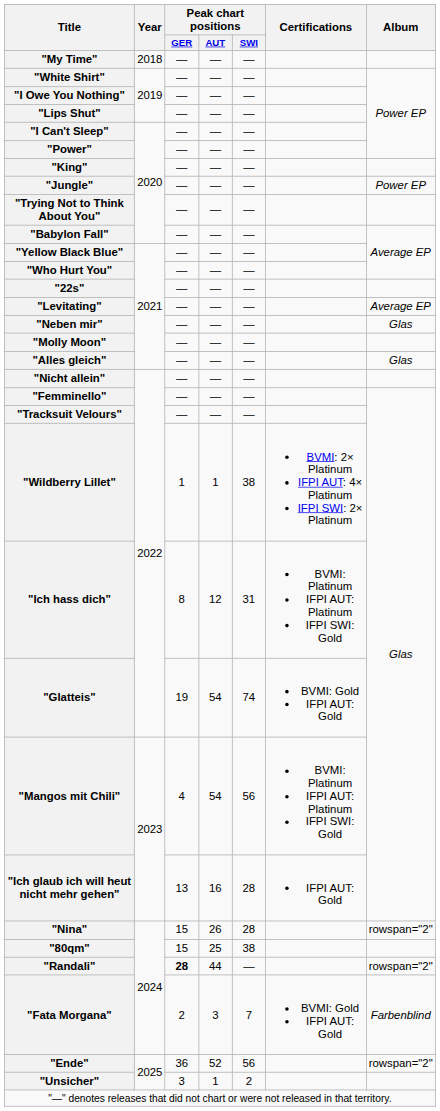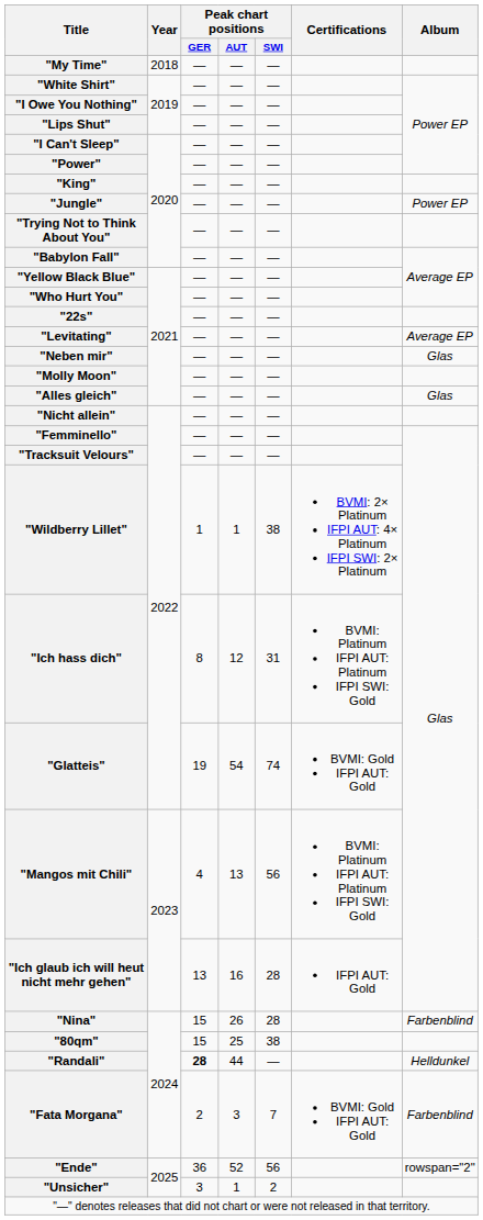 <table class="wikitable plainrowheaders" style="text-align:center;">
 <tr>
 <th scope="col" rowspan="2">Title</th>
 <th scope="col" rowspan="2">Year</th>
 <th scope="col" colspan="3">Peak chart positions</th>
 <th scope="col" rowspan="2">Certifications</th>
 <th scope="col" rowspan="2">Album</th>
 </tr>
 <tr>
 <th scope="col" style="width:3em;font-size:85%;"><a href='#'>GER</a><br></th>
 <th scope="col" style="width:3em;font-size:85%;"><a href='#'>AUT</a><br></th>
 <th scope="col" style="width:3em;font-size:85%;"><a href='#'>SWI</a><br></th>
 </tr>
 <tr>
 <th scope="row">"My Time"</th>
 <td>2018</td>
 <td>—</td>
 <td>—</td>
 <td>—</td>
 <td></td>
 <td></td>
 </tr>
 <tr>
 <th scope="row">"White Shirt"</th>
 <td rowspan="3">2019</td>
 <td>—</td>
 <td>—</td>
 <td>—</td>
 <td></td>
 <td rowspan="5"><em>Power EP</em></td>
 </tr>
 <tr>
 <th scope="row">"I Owe You Nothing"</th>
 <td>—</td>
 <td>—</td>
 <td>—</td>
 <td></td>
 </tr>
 <tr>
 <th scope="row">"Lips Shut"</th>
 <td>—</td>
 <td>—</td>
 <td>—</td>
 <td></td>
 </tr>
 <tr>
 <th scope="row">"I Can't Sleep"</th>
 <td rowspan="6">2020</td>
 <td>—</td>
 <td>—</td>
 <td>—</td>
 <td></td>
 </tr>
 <tr>
 <th scope="row">"Power"</th>
 <td>—</td>
 <td>—</td>
 <td>—</td>
 <td></td>
 </tr>
 <tr>
 <th scope="row">"King"</th>
 <td>—</td>
 <td>—</td>
 <td>—</td>
 <td></td>
 <td></td>
 </tr>
 <tr>
 <th scope="row">"Jungle"</th>
 <td>—</td>
 <td>—</td>
 <td>—</td>
 <td></td>
 <td><em>Power EP</em></td>
 </tr>
 <tr>
 <th scope="row">"Trying Not to Think About You"<br></th>
 <td>—</td>
 <td>—</td>
 <td>—</td>
 <td></td>
 <td></td>
 </tr>
 <tr>
 <th scope="row">"Babylon Fall"</th>
 <td>—</td>
 <td>—</td>
 <td>—</td>
 <td></td>
 <td rowspan="3"><em>Average EP</em></td>
 </tr>
 <tr>
 <th scope="row">"Yellow Black Blue"</th>
 <td rowspan="7">2021</td>
 <td>—</td>
 <td>—</td>
 <td>—</td>
 <td></td>
 </tr>
 <tr>
 <th scope="row">"Who Hurt You"</th>
 <td>—</td>
 <td>—</td>
 <td>—</td>
 <td></td>
 </tr>
 <tr>
 <th scope="row">"22s"<br></th>
 <td>—</td>
 <td>—</td>
 <td>—</td>
 <td></td>
 <td></td>
 </tr>
 <tr>
 <th scope="row">"Levitating"</th>
 <td>—</td>
 <td>—</td>
 <td>—</td>
 <td></td>
 <td><em>Average EP</em></td>
 </tr>
 <tr>
 <th scope="row">"Neben mir"</th>
 <td>—</td>
 <td>—</td>
 <td>—</td>
 <td></td>
 <td><em>Glas</em></td>
 </tr>
 <tr>
 <th scope="row">"Molly Moon"</th>
 <td>—</td>
 <td>—</td>
 <td>—</td>
 <td></td>
 <td></td>
 </tr>
 <tr>
 <th scope="row">"Alles gleich"</th>
 <td>—</td>
 <td>—</td>
 <td>—</td>
 <td></td>
 <td><em>Glas</em></td>
 </tr>
 <tr>
 <th scope="row">"Nicht allein"</th>
 <td rowspan="6">2022</td>
 <td>—</td>
 <td>—</td>
 <td>—</td>
 <td></td>
 <td></td>
 </tr>
 <tr>
 <th scope="row">"Femminello"</th>
 <td>—</td>
 <td>—</td>
 <td>—</td>
 <td></td>
 <td rowspan="7"><em>Glas</em></td>
 </tr>
 <tr>
 <th scope="row">"Tracksuit Velours"</th>
 <td>—</td>
 <td>—</td>
 <td>—</td>
 <td></td>
 </tr>
 <tr>
 <th scope="row">"Wildberry Lillet"</th>
 <td>1</td>
 <td>1</td>
 <td>38</td>
 <td><br><ul><li><a href='#'>BVMI</a>: 2× Platinum</li><li><a href='#'>IFPI AUT</a>: 4× Platinum</li><li><a href='#'>IFPI SWI</a>: 2× Platinum</li></ul></td>
 </tr>
 <tr>
 <th scope="row">"Ich hass dich"<br></th>
 <td>8</td>
 <td>12</td>
 <td>31</td>
 <td><br><ul><li>BVMI: Platinum</li><li>IFPI AUT: Platinum</li><li>IFPI SWI: Gold</li></ul></td>
 </tr>
 <tr>
 <th scope="row">"Glatteis"</th>
 <td>19</td>
 <td>54</td>
 <td>74</td>
 <td><br><ul><li>BVMI: Gold</li><li>IFPI AUT: Gold</li></ul></td>
 </tr>
 <tr>
 <th scope="row">"Mangos mit Chili"</th>
 <td rowspan="2">2023</td>
 <td>4</td>
-<td>54</td>
+<td>13</td>
 <td>56</td>
 <td><br><ul><li>BVMI: Platinum</li><li>IFPI AUT: Platinum</li><li>IFPI SWI: Gold</li></ul></td>
 </tr>
 <tr>
 <th scope="row">"Ich glaub ich will heut nicht mehr gehen"<br></th>
 <td>13</td>
 <td>16</td>
 <td>28</td>
 <td><br><ul><li>IFPI AUT: Gold</li></ul></td>
 </tr>
 <tr>
 <th scope="row">"Nina"</th>
 <td rowspan="4">2024</td>
 <td>15</td>
 <td>26</td>
 <td>28</td>
 <td></td>
-<td>rowspan="2" </td>
+<td><em>Farbenblind</em></td>
 </tr>
 <tr>
 <th scope="row">"80qm"</th>
 <td>15</td>
 <td>25</td>
 <td>38</td>
 <td></td>
 </tr>
 <tr>
 <th scope="row">"Randali"<br></th>
 <td><strong>28</strong></td>
 <td>44</td>
 <td>—</td>
 <td></td>
-<td>rowspan="2" </td>
+<td><em>Helldunkel</em></td>
 </tr>
 <tr>
 <th scope="row">"Fata Morgana"</th>
 <td>2</td>
 <td>3</td>
 <td>7</td>
 <td><br><ul><li>BVMI: Gold</li><li>IFPI AUT: Gold</li></ul></td>
 <td><em>Farbenblind</em></td>
 </tr>
 <tr>
 <th scope="row">"Ende"</th>
 <td rowspan="2">2025</td>
 <td>36</td>
 <td>52</td>
 <td>56</td>
 <td></td>
 <td>rowspan="2" </td>
 </tr>
 <tr>
 <th scope="row">"Unsicher"</th>
 <td>3</td>
 <td>1</td>
 <td>2</td>
 <td></td>
 </tr>
 <tr>
 <td colspan="10" style="font-size:90%">"—" denotes releases that did not chart or were not released in that territory.</td>
 </tr>
 </table>
